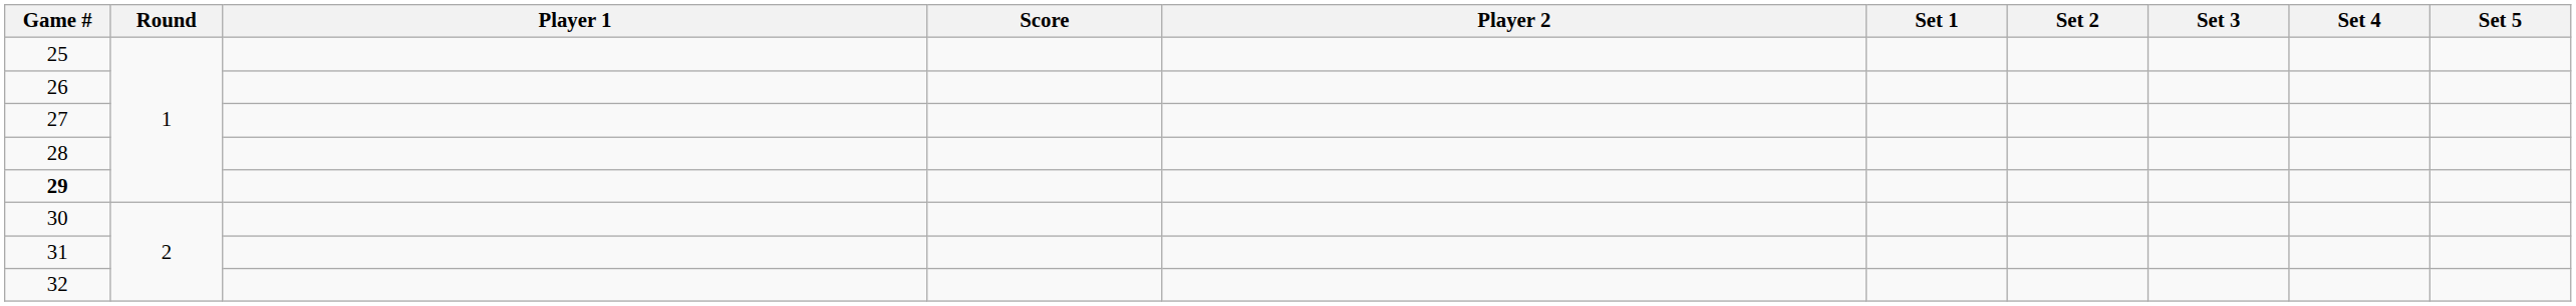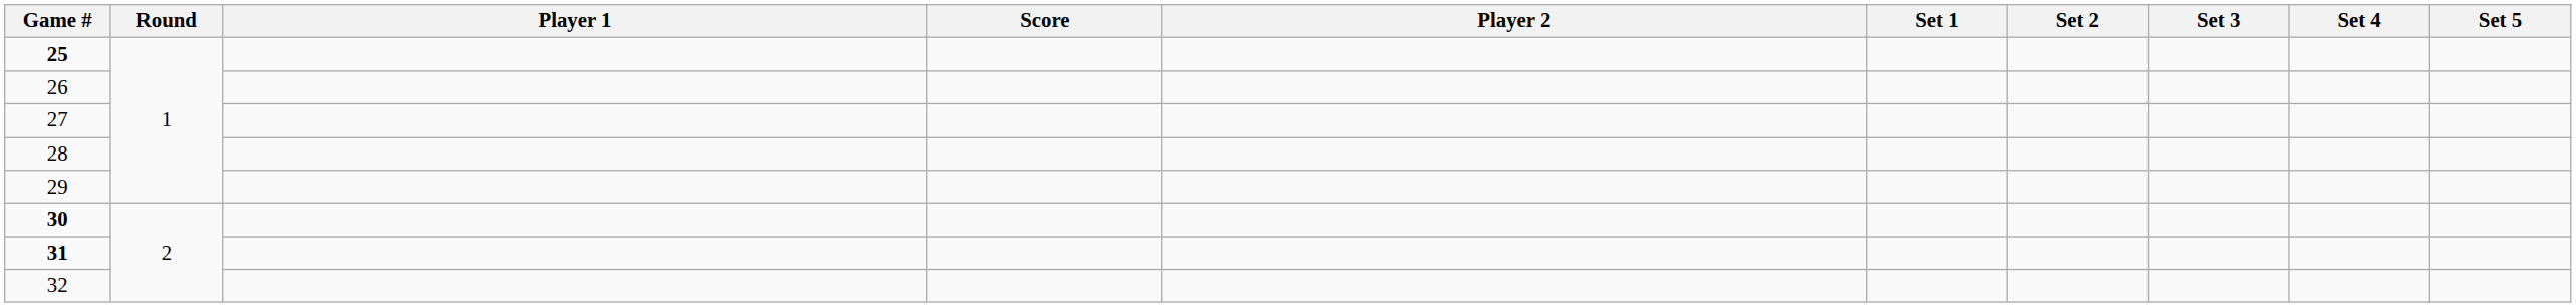 <table class="wikitable">
 <tr>
 <th width="2%">Game #</th>
 <th width="2%">Round</th>
 <th width="15%">Player 1</th>
 <th width="5%">Score</th>
 <th width="15%">Player 2</th>
 <th width="3%">Set 1</th>
 <th width="3%">Set 2</th>
 <th width="3%">Set 3</th>
 <th width="3%">Set 4</th>
 <th width="3%">Set 5</th>
 </tr>
 <tr style=text-align:center;>
-<td>25</td>
+<td><strong>25</strong></td>
 <td rowspan=5>1</td>
 <td></td>
 <td></td>
 <td></td>
 <td></td>
 <td></td>
 <td></td>
 <td></td>
 <td></td>
 </tr>
 <tr style=text-align:center;>
 <td>26</td>
 <td></td>
 <td></td>
 <td></td>
 <td></td>
 <td></td>
 <td></td>
 <td></td>
 <td></td>
 </tr>
 <tr style=text-align:center;>
 <td>27</td>
 <td></td>
 <td></td>
 <td></td>
 <td></td>
 <td></td>
 <td></td>
 <td></td>
 <td></td>
 </tr>
 <tr style=text-align:center;>
 <td>28</td>
 <td></td>
 <td></td>
 <td></td>
 <td></td>
 <td></td>
 <td></td>
 <td></td>
 <td></td>
 </tr>
 <tr style=text-align:center;>
-<td><strong>29</strong></td>
+<td>29</td>
 <td></td>
 <td></td>
 <td></td>
 <td></td>
 <td></td>
 <td></td>
 <td></td>
 <td></td>
 </tr>
 <tr style=text-align:center;>
-<td>30</td>
+<td><strong>30</strong></td>
 <td rowspan=3>2</td>
 <td></td>
 <td></td>
 <td></td>
 <td></td>
 <td></td>
 <td></td>
 <td></td>
 <td></td>
 </tr>
 <tr style=text-align:center;>
-<td>31</td>
+<td><strong>31</strong></td>
 <td></td>
 <td></td>
 <td></td>
 <td></td>
 <td></td>
 <td></td>
 <td></td>
 <td></td>
 </tr>
 <tr style=text-align:center;>
 <td>32</td>
 <td></td>
 <td></td>
 <td></td>
 <td></td>
 <td></td>
 <td></td>
 <td></td>
 <td></td>
 </tr>
 </table>
